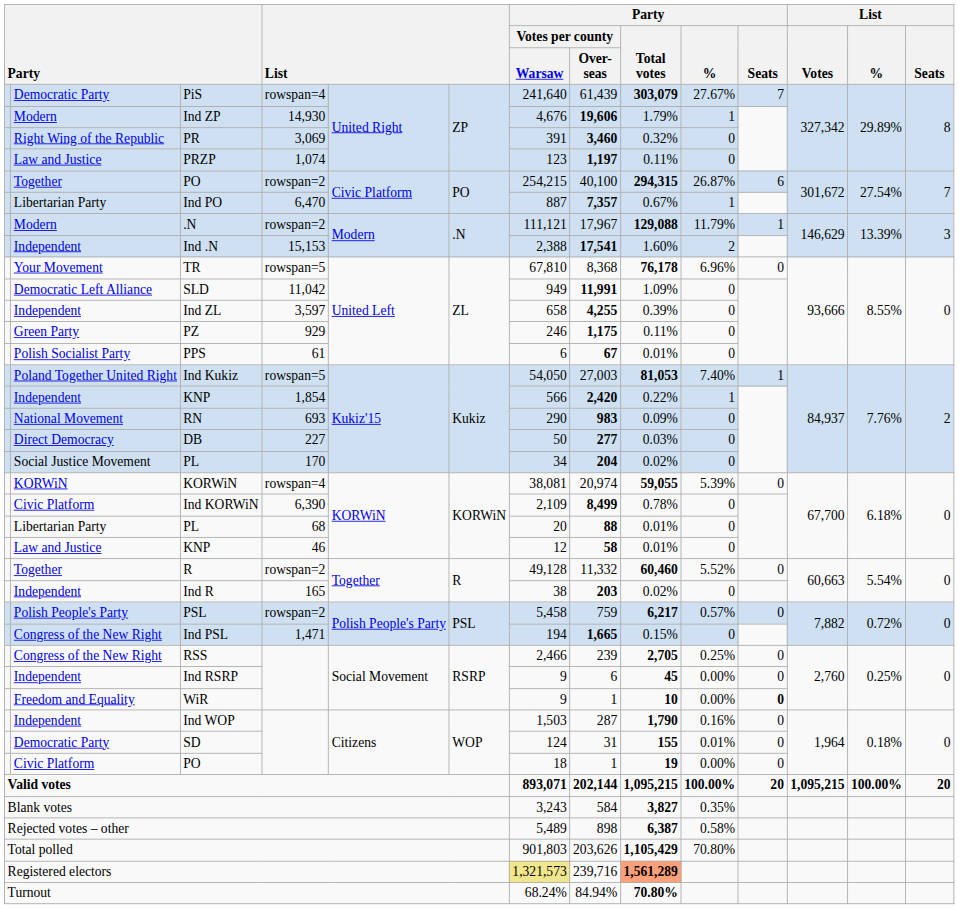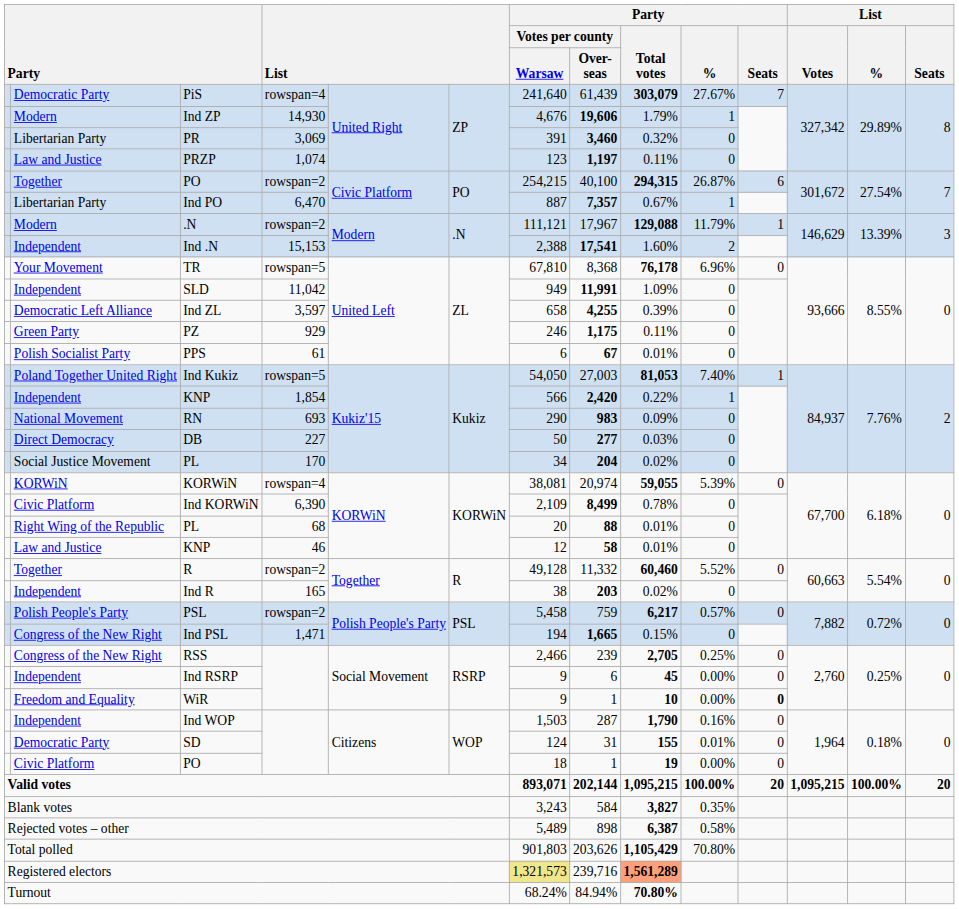 <table class="wikitable" border="1" style="text-align:right;">
 <tr>
 <th style="text-align:left;" valign=bottom rowspan=3 colspan=3>Party</th>
 <th style="text-align:left;" valign=bottom rowspan=3 colspan=3>List</th>
 <th colspan=5>Party</th>
 <th colspan=3>List</th>
 </tr>
 <tr>
 <th colspan=2>Votes per county</th>
 <th align=center valign=bottom rowspan=2 width="50">Total<br>votes</th>
 <th align=center valign=bottom rowspan=2 width="50">%</th>
 <th align=center valign=bottom rowspan=2 width="50">Seats</th>
 <th align=center valign=bottom rowspan=2 width="50">Votes</th>
 <th align=center valign=bottom rowspan=2 width="50">%</th>
 <th align=center valign=bottom rowspan=2 width="50">Seats</th>
 </tr>
 <tr>
 <th align=center valign=bottom width="50"><a href='#'>Warsaw</a></th>
 <th align=center valign=bottom width="50">Over-<br>seas</th>
 </tr>
 <tr style="background:#CEE0F2;">
 <td></td>
 <td align=left><a href='#'>Democratic Party</a></td>
 <td align=left>PiS</td>
 <td>rowspan=4 </td>
 <td rowspan=4 align=left><a href='#'>United Right</a></td>
 <td rowspan=4 align=left>ZP</td>
 <td>241,640</td>
 <td>61,439</td>
 <td><strong>303,079</strong></td>
 <td>27.67%</td>
 <td>7</td>
 <td rowspan=4>327,342</td>
 <td rowspan=4>29.89%</td>
 <td rowspan=4>8</td>
 </tr>
 <tr style="background:#CEE0F2;">
 <td></td>
 <td align=left><a href='#'>Modern</a></td>
 <td align=left>Ind ZP</td>
 <td>14,930</td>
 <td>4,676</td>
 <td><strong>19,606</strong></td>
 <td>1.79%</td>
 <td>1</td>
 </tr>
 <tr style="background:#CEE0F2;">
 <td></td>
-<td align=left><a href='#'>Right Wing of the Republic</a></td>
+<td align=left>Libertarian Party</td>
 <td align=left>PR</td>
 <td>3,069</td>
 <td>391</td>
 <td><strong>3,460</strong></td>
 <td>0.32%</td>
 <td>0</td>
 </tr>
 <tr style="background:#CEE0F2;">
 <td></td>
 <td align=left><a href='#'>Law and Justice</a></td>
 <td align=left>PRZP</td>
 <td>1,074</td>
 <td>123</td>
 <td><strong>1,197</strong></td>
 <td>0.11%</td>
 <td>0</td>
 </tr>
 <tr style="background:#CEE0F2;">
 <td></td>
 <td align=left><a href='#'>Together</a></td>
 <td align=left>PO</td>
 <td>rowspan=2 </td>
 <td rowspan=2 align=left><a href='#'>Civic Platform</a></td>
 <td rowspan=2 align=left>PO</td>
 <td>254,215</td>
 <td>40,100</td>
 <td><strong>294,315</strong></td>
 <td>26.87%</td>
 <td>6</td>
 <td rowspan=2>301,672</td>
 <td rowspan=2>27.54%</td>
 <td rowspan=2>7</td>
 </tr>
 <tr style="background:#CEE0F2;">
 <td></td>
 <td align=left>Libertarian Party</td>
 <td align=left>Ind PO</td>
 <td>6,470</td>
 <td>887</td>
 <td><strong>7,357</strong></td>
 <td>0.67%</td>
 <td>1</td>
 </tr>
 <tr style="background:#CEE0F2;">
 <td></td>
 <td align=left><a href='#'>Modern</a></td>
 <td align=left>.N</td>
 <td>rowspan=2 </td>
 <td rowspan=2 align=left><a href='#'>Modern</a></td>
 <td rowspan=2 align=left>.N</td>
 <td>111,121</td>
 <td>17,967</td>
 <td><strong>129,088</strong></td>
 <td>11.79%</td>
 <td>1</td>
 <td rowspan=2>146,629</td>
 <td rowspan=2>13.39%</td>
 <td rowspan=2>3</td>
 </tr>
 <tr style="background:#CEE0F2;">
 <td></td>
 <td align=left><a href='#'>Independent</a></td>
 <td align=left>Ind .N</td>
 <td>15,153</td>
 <td>2,388</td>
 <td><strong>17,541</strong></td>
 <td>1.60%</td>
 <td>2</td>
 </tr>
 <tr>
 <td></td>
 <td align=left><a href='#'>Your Movement</a></td>
 <td align=left>TR</td>
 <td>rowspan=5 </td>
 <td rowspan=5 align=left><a href='#'>United Left</a></td>
 <td rowspan=5 align=left>ZL</td>
 <td>67,810</td>
 <td>8,368</td>
 <td><strong>76,178</strong></td>
 <td>6.96%</td>
 <td>0</td>
 <td rowspan=5>93,666</td>
 <td rowspan=5>8.55%</td>
 <td rowspan=5>0</td>
 </tr>
 <tr>
 <td></td>
-<td align=left style="white-space: nowrap;"><a href='#'>Democratic Left Alliance</a></td>
+<td align=left><a href='#'>Independent</a></td>
 <td align=left>SLD</td>
 <td>11,042</td>
 <td>949</td>
 <td><strong>11,991</strong></td>
 <td>1.09%</td>
 <td>0</td>
 </tr>
 <tr>
 <td></td>
-<td align=left><a href='#'>Independent</a></td>
+<td align=left style="white-space: nowrap;"><a href='#'>Democratic Left Alliance</a></td>
 <td align=left>Ind ZL</td>
 <td>3,597</td>
 <td>658</td>
 <td><strong>4,255</strong></td>
 <td>0.39%</td>
 <td>0</td>
 </tr>
 <tr>
 <td></td>
 <td align=left><a href='#'>Green Party</a></td>
 <td align=left>PZ</td>
 <td>929</td>
 <td>246</td>
 <td><strong>1,175</strong></td>
 <td>0.11%</td>
 <td>0</td>
 </tr>
 <tr>
 <td></td>
 <td align=left><a href='#'>Polish Socialist Party</a></td>
 <td align=left>PPS</td>
 <td>61</td>
 <td>6</td>
 <td><strong>67</strong></td>
 <td>0.01%</td>
 <td>0</td>
 </tr>
 <tr style="background:#CEE0F2;">
 <td></td>
 <td align=left><a href='#'>Poland Together United Right</a></td>
 <td align=left>Ind Kukiz</td>
 <td>rowspan=5 </td>
 <td rowspan=5 align=left><a href='#'>Kukiz'15</a></td>
 <td rowspan=5 align=left>Kukiz</td>
 <td>54,050</td>
 <td>27,003</td>
 <td><strong>81,053</strong></td>
 <td>7.40%</td>
 <td>1</td>
 <td rowspan=5>84,937</td>
 <td rowspan=5>7.76%</td>
 <td rowspan=5>2</td>
 </tr>
 <tr style="background:#CEE0F2;">
 <td></td>
 <td align=left><a href='#'>Independent</a></td>
 <td align=left>KNP</td>
 <td>1,854</td>
 <td>566</td>
 <td><strong>2,420</strong></td>
 <td>0.22%</td>
 <td>1</td>
 </tr>
 <tr style="background:#CEE0F2;">
 <td></td>
 <td align=left><a href='#'>National Movement</a></td>
 <td align=left>RN</td>
 <td>693</td>
 <td>290</td>
 <td><strong>983</strong></td>
 <td>0.09%</td>
 <td>0</td>
 </tr>
 <tr style="background:#CEE0F2;">
 <td></td>
 <td align=left><a href='#'>Direct Democracy</a></td>
 <td align=left>DB</td>
 <td>227</td>
 <td>50</td>
 <td><strong>277</strong></td>
 <td>0.03%</td>
 <td>0</td>
 </tr>
 <tr style="background:#CEE0F2;">
 <td></td>
 <td align=left>Social Justice Movement</td>
 <td align=left>PL</td>
 <td>170</td>
 <td>34</td>
 <td><strong>204</strong></td>
 <td>0.02%</td>
 <td>0</td>
 </tr>
 <tr>
 <td></td>
 <td align=left><a href='#'>KORWiN</a></td>
 <td align=left>KORWiN</td>
 <td>rowspan=4 </td>
 <td rowspan=4 align=left><a href='#'>KORWiN</a></td>
 <td rowspan=4 align=left>KORWiN</td>
 <td>38,081</td>
 <td>20,974</td>
 <td><strong>59,055</strong></td>
 <td>5.39%</td>
 <td>0</td>
 <td rowspan=4>67,700</td>
 <td rowspan=4>6.18%</td>
 <td rowspan=4>0</td>
 </tr>
 <tr>
 <td></td>
 <td align=left><a href='#'>Civic Platform</a></td>
 <td align=left>Ind KORWiN</td>
 <td>6,390</td>
 <td>2,109</td>
 <td><strong>8,499</strong></td>
 <td>0.78%</td>
 <td>0</td>
 </tr>
 <tr>
 <td></td>
-<td align=left>Libertarian Party</td>
+<td align=left><a href='#'>Right Wing of the Republic</a></td>
 <td align=left>PL</td>
 <td>68</td>
 <td>20</td>
 <td><strong>88</strong></td>
 <td>0.01%</td>
 <td>0</td>
 </tr>
 <tr>
 <td></td>
 <td align=left><a href='#'>Law and Justice</a></td>
 <td align=left>KNP</td>
 <td>46</td>
 <td>12</td>
 <td><strong>58</strong></td>
 <td>0.01%</td>
 <td>0</td>
 </tr>
 <tr>
 <td></td>
 <td align=left><a href='#'>Together</a></td>
 <td align=left>R</td>
 <td>rowspan=2 </td>
 <td rowspan=2 align=left><a href='#'>Together</a></td>
 <td rowspan=2 align=left>R</td>
 <td>49,128</td>
 <td>11,332</td>
 <td><strong>60,460</strong></td>
 <td>5.52%</td>
 <td>0</td>
 <td rowspan=2>60,663</td>
 <td rowspan=2>5.54%</td>
 <td rowspan=2>0</td>
 </tr>
 <tr>
 <td></td>
 <td align=left><a href='#'>Independent</a></td>
 <td align=left>Ind R</td>
 <td>165</td>
 <td>38</td>
 <td><strong>203</strong></td>
 <td>0.02%</td>
 <td>0</td>
 </tr>
 <tr style="background:#CEE0F2;">
 <td></td>
 <td align=left><a href='#'>Polish People's Party</a></td>
 <td align=left>PSL</td>
 <td>rowspan=2 </td>
 <td rowspan=2 align=left><a href='#'>Polish People's Party</a></td>
 <td rowspan=2 align=left>PSL</td>
 <td>5,458</td>
 <td>759</td>
 <td><strong>6,217</strong></td>
 <td>0.57%</td>
 <td>0</td>
 <td rowspan=2>7,882</td>
 <td rowspan=2>0.72%</td>
 <td rowspan=2>0</td>
 </tr>
 <tr style="background:#CEE0F2;">
 <td></td>
 <td align=left><a href='#'>Congress of the New Right</a></td>
 <td align=left>Ind PSL</td>
 <td>1,471</td>
 <td>194</td>
 <td><strong>1,665</strong></td>
 <td>0.15%</td>
 <td>0</td>
 </tr>
 <tr>
 <td></td>
 <td align=left><a href='#'>Congress of the New Right</a></td>
 <td align=left>RSS</td>
 <td rowspan=3></td>
 <td rowspan=3 align=left>Social Movement</td>
 <td rowspan=3 align=left>RSRP</td>
 <td>2,466</td>
 <td>239</td>
 <td><strong>2,705</strong></td>
 <td>0.25%</td>
 <td>0</td>
 <td rowspan=3>2,760</td>
 <td rowspan=3>0.25%</td>
 <td rowspan=3>0</td>
 </tr>
 <tr>
 <td></td>
 <td align=left><a href='#'>Independent</a></td>
 <td align=left>Ind RSRP</td>
 <td>9</td>
 <td>6</td>
 <td><strong>45</strong></td>
 <td>0.00%</td>
 <td>0</td>
 </tr>
 <tr>
 <td></td>
 <td align=left><a href='#'>Freedom and Equality</a></td>
 <td align=left>WiR</td>
 <td>9</td>
 <td>1</td>
 <td><strong>10</strong></td>
 <td>0.00%</td>
 <td><strong>0</strong></td>
 </tr>
 <tr>
 <td></td>
 <td align=left><a href='#'>Independent</a></td>
 <td align=left>Ind WOP</td>
 <td rowspan=3></td>
 <td rowspan=3 align=left>Citizens</td>
 <td rowspan=3 align=left>WOP</td>
 <td>1,503</td>
 <td>287</td>
 <td><strong>1,790</strong></td>
 <td>0.16%</td>
 <td>0</td>
 <td rowspan=3>1,964</td>
 <td rowspan=3>0.18%</td>
 <td rowspan=3>0</td>
 </tr>
 <tr>
 <td></td>
 <td align=left><a href='#'>Democratic Party</a></td>
 <td align=left>SD</td>
 <td>124</td>
 <td>31</td>
 <td><strong>155</strong></td>
 <td>0.01%</td>
 <td>0</td>
 </tr>
 <tr>
 <td></td>
 <td align=left><a href='#'>Civic Platform</a></td>
 <td align=left>PO</td>
 <td>18</td>
 <td>1</td>
 <td><strong>19</strong></td>
 <td>0.00%</td>
 <td>0</td>
 </tr>
 <tr style="font-weight:bold">
 <td align=left colspan=6>Valid votes</td>
 <td>893,071</td>
 <td>202,144</td>
 <td>1,095,215</td>
 <td>100.00%</td>
 <td>20</td>
 <td>1,095,215</td>
 <td>100.00%</td>
 <td>20</td>
 </tr>
 <tr>
 <td align=left colspan=6>Blank votes</td>
 <td>3,243</td>
 <td>584</td>
 <td><strong>3,827</strong></td>
 <td>0.35%</td>
 <td></td>
 <td></td>
 <td></td>
 <td></td>
 </tr>
 <tr>
 <td align=left colspan=6>Rejected votes – other</td>
 <td>5,489</td>
 <td>898</td>
 <td><strong>6,387</strong></td>
 <td>0.58%</td>
 <td></td>
 <td></td>
 <td></td>
 <td></td>
 </tr>
 <tr>
 <td align=left colspan=6>Total polled</td>
 <td>901,803</td>
 <td>203,626</td>
 <td><strong>1,105,429</strong></td>
 <td>70.80%</td>
 <td></td>
 <td></td>
 <td></td>
 <td></td>
 </tr>
 <tr>
 <td align=left colspan=6>Registered electors</td>
 <td style="background: khaki;">1,321,573</td>
 <td>239,716</td>
 <td style="background: lightsalmon;"><strong>1,561,289</strong></td>
 <td></td>
 <td></td>
 <td></td>
 <td></td>
 <td></td>
 </tr>
 <tr>
 <td align=left colspan=6>Turnout</td>
 <td>68.24%</td>
 <td>84.94%</td>
 <td><strong>70.80%</strong></td>
 <td></td>
 <td></td>
 <td></td>
 <td></td>
 <td></td>
 </tr>
 </table>
